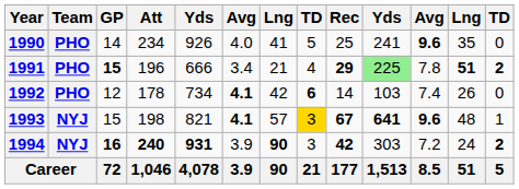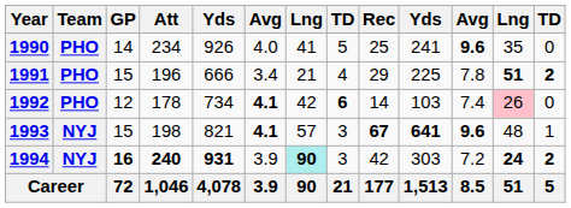 <table class="wikitable" style="text-align: center;">
 <tr>
 <th>Year</th>
 <th>Team</th>
 <th>GP</th>
 <th>Att</th>
 <th>Yds</th>
 <th>Avg</th>
 <th>Lng</th>
 <th>TD</th>
 <th>Rec</th>
 <th>Yds</th>
 <th>Avg</th>
 <th>Lng</th>
 <th>TD</th>
 </tr>
 <tr>
 <th><a href='#'>1990</a></th>
 <th><a href='#'>PHO</a></th>
 <td>14</td>
 <td>234</td>
 <td>926</td>
 <td>4.0</td>
 <td>41</td>
 <td>5</td>
 <td>25</td>
 <td>241</td>
 <td><strong>9.6</strong></td>
 <td>35</td>
 <td>0</td>
 </tr>
 <tr>
 <th><a href='#'>1991</a></th>
 <th><a href='#'>PHO</a></th>
-<td><strong>15</strong></td>
+<td>15</td>
 <td>196</td>
 <td>666</td>
 <td>3.4</td>
 <td>21</td>
 <td>4</td>
-<td><strong>29</strong></td>
-<td style="background: lightgreen;">225</td>
+<td>29</td>
+<td>225</td>
 <td>7.8</td>
 <td><strong>51</strong></td>
 <td><strong>2</strong></td>
 </tr>
 <tr>
 <th><a href='#'>1992</a></th>
 <th><a href='#'>PHO</a></th>
 <td>12</td>
 <td>178</td>
 <td>734</td>
 <td><strong>4.1</strong></td>
 <td>42</td>
 <td><strong>6</strong></td>
 <td>14</td>
 <td>103</td>
 <td>7.4</td>
-<td>26</td>
+<td style="background: pink;">26</td>
 <td>0</td>
 </tr>
 <tr>
 <th><a href='#'>1993</a></th>
 <th><a href='#'>NYJ</a></th>
 <td>15</td>
 <td>198</td>
 <td>821</td>
 <td><strong>4.1</strong></td>
 <td>57</td>
-<td style="background: gold;">3</td>
+<td>3</td>
 <td><strong>67</strong></td>
 <td><strong>641</strong></td>
 <td><strong>9.6</strong></td>
 <td>48</td>
 <td>1</td>
 </tr>
 <tr>
 <th><a href='#'>1994</a></th>
 <th><a href='#'>NYJ</a></th>
 <td><strong>16</strong></td>
 <td><strong>240</strong></td>
 <td><strong>931</strong></td>
 <td>3.9</td>
-<td><strong>90</strong></td>
+<td style="background: paleturquoise;"><strong>90</strong></td>
 <td>3</td>
-<td><strong>42</strong></td>
+<td>42</td>
 <td>303</td>
 <td>7.2</td>
-<td>24</td>
+<td><strong>24</strong></td>
 <td><strong>2</strong></td>
 </tr>
 <tr>
 <th colspan="2">Career</th>
 <th>72</th>
 <th>1,046</th>
 <th>4,078</th>
 <th>3.9</th>
 <th>90</th>
 <th>21</th>
 <th>177</th>
 <th>1,513</th>
 <th>8.5</th>
 <th>51</th>
 <th>5</th>
 </tr>
 </table>
